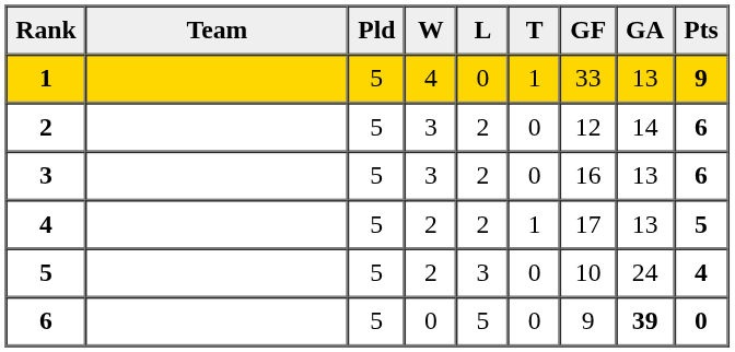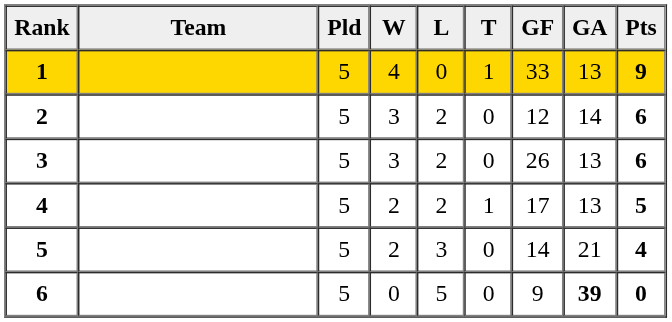 <table border=1 cellpadding=5 cellspacing=0>
 <tr>
 <th bgcolor="#efefef" width="20">Rank</th>
 <th bgcolor="#efefef" width="150">Team</th>
 <th bgcolor="#efefef" width="20">Pld</th>
 <th bgcolor="#efefef" width="20">W</th>
 <th bgcolor="#efefef" width="20">L</th>
 <th bgcolor="#efefef" width="20">T</th>
 <th bgcolor="#efefef" width="20">GF</th>
 <th bgcolor="#efefef" width="20">GA</th>
 <th bgcolor="#efefef" width="20">Pts</th>
 </tr>
 <tr align=center bgcolor="gold">
 <td><strong>1</strong></td>
 <td align=left> </td>
 <td>5</td>
 <td>4</td>
 <td>0</td>
 <td>1</td>
 <td>33</td>
 <td>13</td>
 <td><strong>9</strong></td>
 </tr>
 <tr align=center>
 <td><strong>2</strong></td>
 <td align=left></td>
 <td>5</td>
 <td>3</td>
 <td>2</td>
 <td>0</td>
 <td>12</td>
 <td>14</td>
 <td><strong>6</strong></td>
 </tr>
 <tr align=center>
 <td><strong>3</strong></td>
 <td align=left></td>
 <td>5</td>
 <td>3</td>
 <td>2</td>
 <td>0</td>
-<td>16</td>
+<td>26</td>
 <td>13</td>
 <td><strong>6</strong></td>
 </tr>
 <tr align=center>
 <td><strong>4</strong></td>
 <td align=left></td>
 <td>5</td>
 <td>2</td>
 <td>2</td>
 <td>1</td>
 <td>17</td>
 <td>13</td>
 <td><strong>5</strong></td>
 </tr>
 <tr align=center>
 <td><strong>5</strong></td>
 <td align=left></td>
 <td>5</td>
 <td>2</td>
 <td>3</td>
 <td>0</td>
-<td>10</td>
-<td>24</td>
+<td>14</td>
+<td>21</td>
 <td><strong>4</strong></td>
 </tr>
 <tr align=center>
 <td><strong>6</strong></td>
 <td align=left></td>
 <td>5</td>
 <td>0</td>
 <td>5</td>
 <td>0</td>
 <td>9</td>
 <td><strong>39</strong></td>
 <td><strong>0</strong></td>
 </tr>
 </table>
